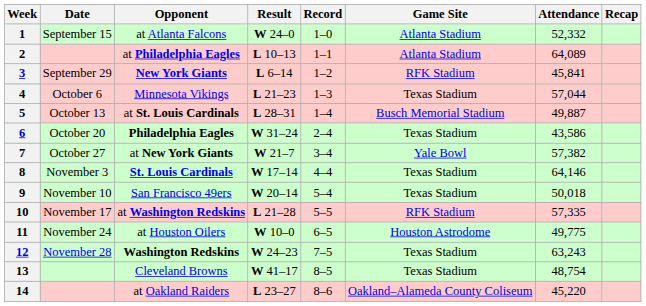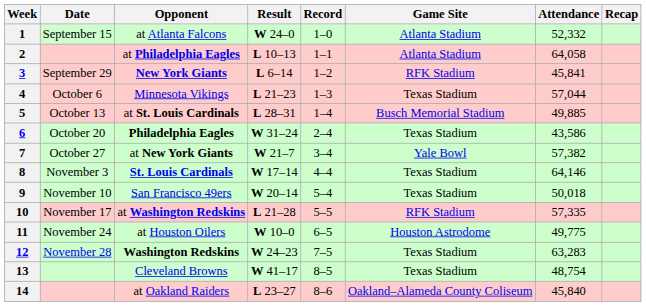 <table class="wikitable" style="text-align:center">
 <tr>
 <th>Week</th>
 <th>Date</th>
 <th>Opponent</th>
 <th>Result</th>
 <th>Record</th>
 <th>Game Site</th>
 <th>Attendance</th>
 <th>Recap</th>
 </tr>
 <tr style="background: #cfc">
 <th>1</th>
 <td>September 15</td>
 <td>at <a href='#'>Atlanta Falcons</a></td>
 <td><strong>W</strong> 24–0</td>
 <td>1–0</td>
 <td><a href='#'>Atlanta Stadium</a></td>
 <td>52,332</td>
 <td></td>
 </tr>
 <tr style="background: #fcc">
 <th>2</th>
 <td></td>
 <td>at <strong><a href='#'>Philadelphia Eagles</a></strong></td>
 <td><strong>L</strong> 10–13</td>
 <td>1–1</td>
 <td><a href='#'>Atlanta Stadium</a></td>
-<td>64,089</td>
+<td>64,058</td>
 <td></td>
 </tr>
 <tr style="background: #fcc">
 <th><a href='#'>3</a></th>
 <td>September 29</td>
 <td><strong><a href='#'>New York Giants</a></strong></td>
 <td><strong>L</strong> 6–14</td>
 <td>1–2</td>
 <td><a href='#'>RFK Stadium</a></td>
 <td>45,841</td>
 <td></td>
 </tr>
 <tr style="background: #fcc">
 <th>4</th>
 <td>October 6</td>
 <td><a href='#'>Minnesota Vikings</a></td>
 <td><strong>L</strong> 21–23</td>
 <td>1–3</td>
 <td>Texas Stadium</td>
 <td>57,044</td>
 <td></td>
 </tr>
 <tr style="background: #fcc">
 <th>5</th>
 <td>October 13</td>
 <td>at <strong>St. Louis Cardinals</strong></td>
 <td><strong>L</strong> 28–31</td>
 <td>1–4</td>
 <td><a href='#'>Busch Memorial Stadium</a></td>
-<td>49,887</td>
+<td>49,885</td>
 <td></td>
 </tr>
 <tr style="background: #cfc">
 <th><a href='#'>6</a></th>
 <td>October 20</td>
 <td><strong>Philadelphia Eagles</strong></td>
 <td><strong>W</strong> 31–24</td>
 <td>2–4</td>
 <td>Texas Stadium</td>
 <td>43,586</td>
 <td></td>
 </tr>
 <tr style="background: #cfc">
 <th>7</th>
 <td>October 27</td>
 <td>at <strong>New York Giants</strong></td>
 <td><strong>W</strong> 21–7</td>
 <td>3–4</td>
 <td><a href='#'>Yale Bowl</a></td>
 <td>57,382</td>
 <td></td>
 </tr>
 <tr style="background: #cfc">
 <th>8</th>
 <td>November 3</td>
 <td><strong><a href='#'>St. Louis Cardinals</a></strong></td>
 <td><strong>W</strong> 17–14</td>
 <td>4–4</td>
 <td>Texas Stadium</td>
 <td>64,146</td>
 <td></td>
 </tr>
 <tr style="background: #cfc">
 <th>9</th>
 <td>November 10</td>
 <td><a href='#'>San Francisco 49ers</a></td>
 <td><strong>W</strong> 20–14</td>
 <td>5–4</td>
 <td>Texas Stadium</td>
 <td>50,018</td>
 <td></td>
 </tr>
 <tr style="background: #fcc">
 <th>10</th>
 <td>November 17</td>
 <td>at <strong><a href='#'>Washington Redskins</a></strong></td>
 <td><strong>L</strong> 21–28</td>
 <td>5–5</td>
 <td><a href='#'>RFK Stadium</a></td>
 <td>57,335</td>
 <td></td>
 </tr>
 <tr style="background: #cfc">
 <th>11</th>
 <td>November 24</td>
 <td>at <a href='#'>Houston Oilers</a></td>
 <td><strong>W</strong> 10–0</td>
 <td>6–5</td>
 <td><a href='#'>Houston Astrodome</a></td>
 <td>49,775</td>
 <td></td>
 </tr>
 <tr style="background: #cfc">
 <th><a href='#'>12</a></th>
 <td><a href='#'>November 28</a></td>
 <td><strong>Washington Redskins</strong></td>
 <td><strong>W</strong> 24–23</td>
 <td>7–5</td>
 <td>Texas Stadium</td>
-<td>63,243</td>
+<td>63,283</td>
 <td></td>
 </tr>
 <tr style="background: #cfc">
 <th>13</th>
 <td></td>
 <td><a href='#'>Cleveland Browns</a></td>
 <td><strong>W</strong> 41–17</td>
 <td>8–5</td>
 <td>Texas Stadium</td>
 <td>48,754</td>
 <td></td>
 </tr>
 <tr style="background: #fcc">
 <th>14</th>
 <td></td>
 <td>at <a href='#'>Oakland Raiders</a></td>
 <td><strong>L</strong> 23–27</td>
 <td>8–6</td>
 <td><a href='#'>Oakland–Alameda County Coliseum</a></td>
-<td>45,220</td>
+<td>45,840</td>
 <td></td>
 </tr>
 </table>
